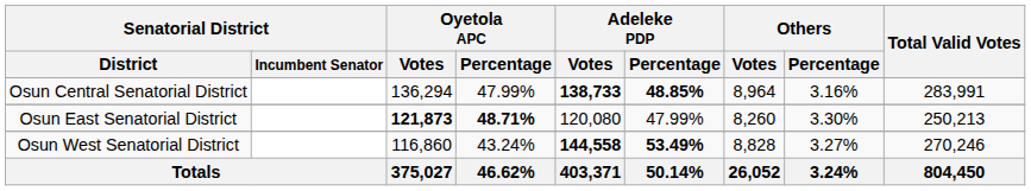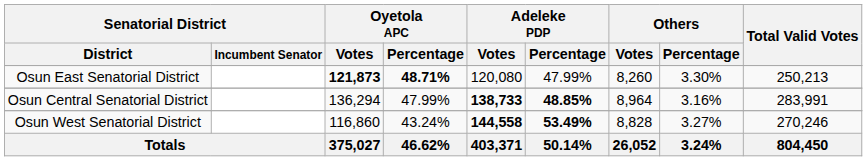 <table class="wikitable sortable" style=" font-size: 95%">
 <tr>
 <th colspan="2">Senatorial District</th>
 <th colspan="2">Oyetola<br><small>APC</small></th>
 <th colspan="2">Adeleke<br><small>PDP</small></th>
 <th colspan="2">Others</th>
 <th rowspan="2">Total Valid Votes</th>
 </tr>
 <tr>
 <th>District</th>
 <th><small>Incumbent Senator</small></th>
 <th>Votes</th>
 <th>Percentage</th>
 <th>Votes</th>
 <th>Percentage</th>
 <th>Votes</th>
 <th>Percentage</th>
 </tr>
 <tr>
 </tr>
 <tr style="background-color:#">
+<td align="center">Osun East Senatorial District</td>
+<td bgcolor=white align="center"><small></small></td>
+<td align="center"><strong>121,873</strong></td>
+<td align="center"><strong>48.71%</strong></td>
+<td align="center">120,080</td>
+<td align="center">47.99%</td>
+<td align="center">8,260</td>
+<td align="center">3.30%</td>
+<td align="center">250,213</td>
+</tr>
+<tr>
+</tr>
+<tr style="background-color:#">
 <td align="center">Osun Central Senatorial District</td>
 <td bgcolor=white align="center"><small></small></td>
 <td align="center">136,294</td>
 <td align="center">47.99%</td>
 <td align="center"><strong>138,733</strong></td>
 <td align="center"><strong>48.85%</strong></td>
 <td align="center">8,964</td>
 <td align="center">3.16%</td>
 <td align="center">283,991</td>
-</tr>
-<tr>
-</tr>
-<tr style="background-color:#">
-<td align="center">Osun East Senatorial District</td>
-<td bgcolor=white align="center"><small></small></td>
-<td align="center"><strong>121,873</strong></td>
-<td align="center"><strong>48.71%</strong></td>
-<td align="center">120,080</td>
-<td align="center">47.99%</td>
-<td align="center">8,260</td>
-<td align="center">3.30%</td>
-<td align="center">250,213</td>
 </tr>
 <tr>
 </tr>
 <tr style="background-color:#">
 <td align="center">Osun West Senatorial District</td>
 <td bgcolor=white align="center"><small></small></td>
 <td align="center">116,860</td>
 <td align="center">43.24%</td>
 <td align="center"><strong>144,558</strong></td>
 <td align="center"><strong>53.49%</strong></td>
 <td align="center">8,828</td>
 <td align="center">3.27%</td>
 <td align="center">270,246</td>
 </tr>
 <tr>
 <th colspan=2>Totals</th>
 <th>375,027</th>
 <th>46.62%</th>
 <th>403,371</th>
 <th>50.14%</th>
 <th>26,052</th>
 <th>3.24%</th>
 <th>804,450</th>
 </tr>
 </table>
